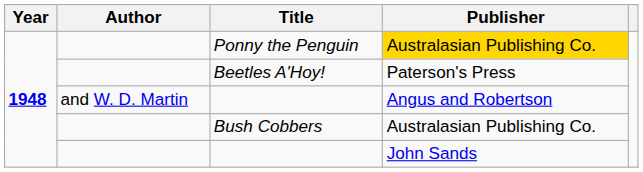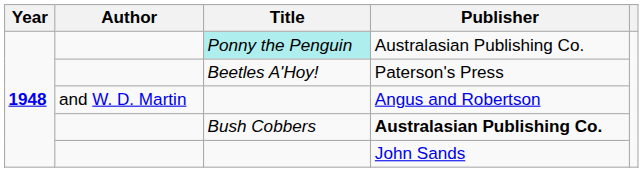 <table class="wikitable sortable mw-collapsible" width="95%">
 <tr>
 <th>Year</th>
 <th>Author</th>
 <th>Title</th>
 <th>Publisher</th>
 <th></th>
 </tr>
 <tr>
 <td rowspan="5"><strong><a href='#'>1948</a></strong></td>
 <td></td>
-<td><em>Ponny the Penguin</em></td>
-<td style="background: gold;">Australasian Publishing Co.</td>
+<td style="background: paleturquoise;"><em>Ponny the Penguin</em></td>
+<td>Australasian Publishing Co.</td>
 <td rowspan="5"></td>
 </tr>
 <tr>
 <td></td>
 <td><em>Beetles A'Hoy!</em></td>
 <td>Paterson's Press</td>
 </tr>
 <tr>
 <td> and <a href='#'>W. D. Martin</a></td>
 <td><em></em></td>
 <td><a href='#'>Angus and Robertson</a></td>
 </tr>
 <tr>
 <td></td>
 <td><em>Bush Cobbers</em></td>
-<td>Australasian Publishing Co.</td>
+<td><strong>Australasian Publishing Co.</strong></td>
 </tr>
 <tr>
 <td></td>
 <td><em></em></td>
 <td><a href='#'>John Sands</a></td>
 </tr>
 </table>
